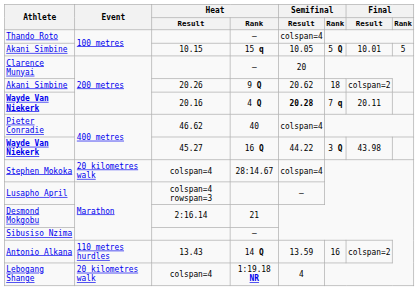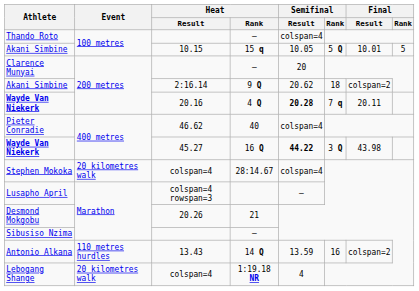 <table class="wikitable" style="font-size:90%">
 <tr>
 <th rowspan="2">Athlete</th>
 <th rowspan="2">Event</th>
 <th colspan="2">Heat</th>
 <th colspan="2">Semifinal</th>
 <th colspan="2">Final</th>
 </tr>
 <tr style="font-size:95%">
 <th>Result</th>
 <th>Rank</th>
 <th>Result</th>
 <th>Rank</th>
 <th>Result</th>
 <th>Rank</th>
 </tr>
 <tr style=text-align:center>
 <td style=text-align:left><a href='#'>Thando Roto</a></td>
 <td style=text-align:left rowspan=2><a href='#'>100 metres</a></td>
 <td></td>
 <td>–</td>
 <td>colspan=4 </td>
 </tr>
 <tr style=text-align:center>
 <td style=text-align:left><a href='#'>Akani Simbine</a></td>
 <td>10.15</td>
 <td>15 <strong>q</strong></td>
 <td>10.05</td>
 <td>5 <strong>Q</strong></td>
 <td>10.01</td>
 <td>5</td>
 </tr>
 <tr style=text-align:center>
 <td style=text-align:left><a href='#'>Clarence Munyai</a></td>
 <td style=text-align:left rowspan=3><a href='#'>200 metres</a></td>
 <td></td>
 <td>–</td>
 <td>20</td>
 </tr>
 <tr style=text-align:center>
 <td style=text-align:left><a href='#'>Akani Simbine</a></td>
-<td>20.26</td>
+<td>2:16.14</td>
 <td>9 <strong>Q</strong></td>
 <td>20.62</td>
 <td>18</td>
 <td>colspan=2 </td>
 </tr>
 <tr style=text-align:center>
 <td style=text-align:left><strong><a href='#'>Wayde Van Niekerk</a></strong></td>
 <td>20.16</td>
 <td>4 <strong>Q</strong></td>
 <td><strong>20.28</strong></td>
 <td>7 <strong>q</strong></td>
 <td>20.11</td>
 <td></td>
 </tr>
 <tr style=text-align:center>
 <td style=text-align:left><a href='#'>Pieter Conradie</a></td>
 <td style=text-align:left rowspan=2><a href='#'>400 metres</a></td>
 <td>46.62</td>
 <td>40</td>
 <td>colspan=4 </td>
 </tr>
 <tr style=text-align:center>
 <td style=text-align:left><strong><a href='#'>Wayde Van Niekerk</a></strong></td>
 <td>45.27</td>
 <td>16 <strong>Q</strong></td>
-<td>44.22</td>
+<td><strong>44.22</strong></td>
 <td>3 <strong>Q</strong></td>
 <td>43.98</td>
 <td></td>
 </tr>
 <tr style=text-align:center>
 <td style=text-align:left><a href='#'>Stephen Mokoka</a></td>
 <td style=text-align:left><a href='#'>20 kilometres walk</a></td>
 <td>colspan=4 </td>
 <td>28:14.67</td>
 <td>colspan=4 </td>
 </tr>
 <tr style=text-align:center>
 <td style=text-align:left><a href='#'>Lusapho April</a></td>
 <td style=text-align:left rowspan=3><a href='#'>Marathon</a></td>
 <td>colspan=4 rowspan=3 </td>
 <td></td>
 <td>–</td>
 </tr>
 <tr style=text-align:center>
 <td style=text-align:left><a href='#'>Desmond Mokgobu</a></td>
-<td>2:16.14</td>
+<td>20.26</td>
 <td>21</td>
 </tr>
 <tr style=text-align:center>
 <td style=text-align:left><a href='#'>Sibusiso Nzima</a></td>
 <td></td>
 <td>–</td>
 </tr>
 <tr style=text-align:center>
 <td style=text-align:left><a href='#'>Antonio Alkana</a></td>
 <td style=text-align:left><a href='#'>110 metres hurdles</a></td>
 <td>13.43</td>
 <td>14 <strong>Q</strong></td>
 <td>13.59</td>
 <td>16</td>
 <td>colspan=2 </td>
 </tr>
 <tr style=text-align:center>
 <td style=text-align:left><a href='#'>Lebogang Shange</a></td>
 <td style=text-align:left><a href='#'>20 kilometres walk</a></td>
 <td>colspan=4 </td>
 <td>1:19.18 <strong><a href='#'>NR</a></strong></td>
 <td>4</td>
 </tr>
 </table>
